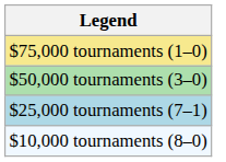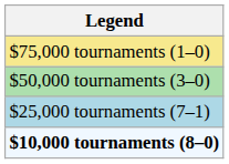 <table class=wikitable style=font-size:90%>
 <tr>
 <th>Legend</th>
 </tr>
 <tr bgcolor="#F7E98E">
 <td>$75,000 tournaments (1–0)</td>
 </tr>
 <tr bgcolor="#ADDFAD">
 <td>$50,000 tournaments (3–0)</td>
 </tr>
 <tr bgcolor="lightblue">
 <td>$25,000 tournaments (7–1)</td>
 </tr>
 <tr bgcolor="#f0f8ff">
-<td>$10,000 tournaments (8–0)</td>
+<td><strong>$10,000 tournaments (8–0)</strong></td>
 </tr>
 </table>
